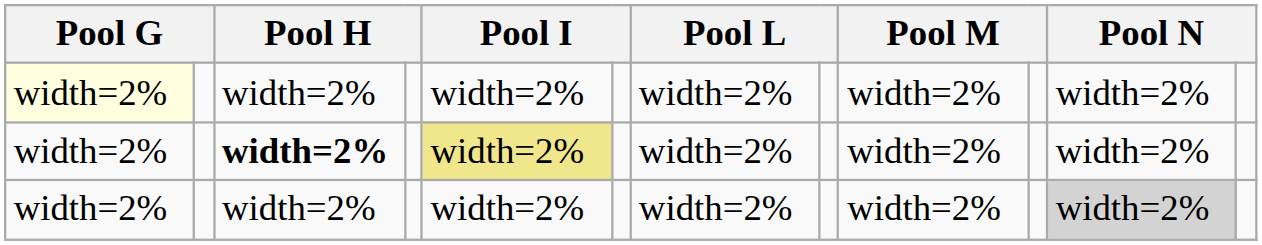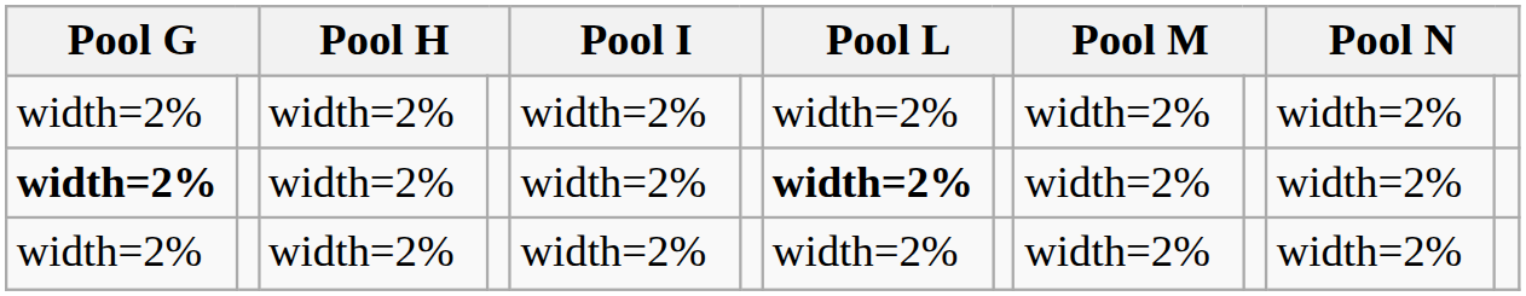 <table class="wikitable">
 <tr>
 <th width=16% colspan=2>Pool G</th>
 <th width=16% colspan=2>Pool H</th>
 <th width=16% colspan=2>Pool I</th>
 <th width=16% colspan=2>Pool L</th>
 <th width=16% colspan=2>Pool M</th>
 <th width=16% colspan=2>Pool N</th>
 </tr>
 <tr>
-<td style="background: lightyellow;">width=2% </td>
+<td>width=2% </td>
 <td></td>
 <td>width=2% </td>
 <td></td>
 <td>width=2% </td>
 <td></td>
 <td>width=2% </td>
 <td></td>
 <td>width=2% </td>
 <td></td>
 <td>width=2% </td>
 <td></td>
 </tr>
 <tr>
+<td><strong>width=2% </strong></td>
+<td></td>
+<td>width=2% </td>
+<td></td>
 <td>width=2% </td>
 <td></td>
 <td><strong>width=2% </strong></td>
-<td></td>
-<td style="background: khaki;">width=2% </td>
-<td></td>
-<td>width=2% </td>
 <td></td>
 <td>width=2% </td>
 <td></td>
 <td>width=2% </td>
 <td></td>
 </tr>
 <tr>
 <td>width=2% </td>
 <td></td>
 <td>width=2% </td>
 <td></td>
 <td>width=2% </td>
 <td></td>
 <td>width=2% </td>
 <td></td>
 <td>width=2% </td>
 <td></td>
-<td style="background: lightgrey;">width=2% </td>
+<td>width=2% </td>
 <td></td>
 </tr>
 </table>
